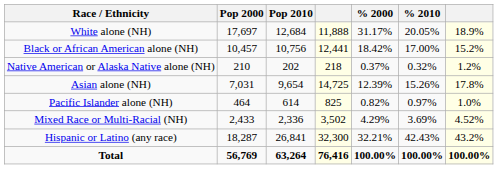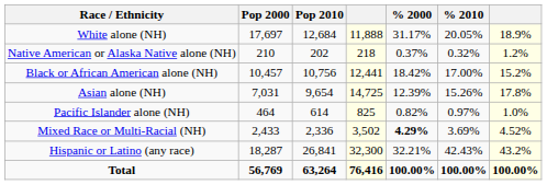 <table class="wikitable" style="text-align:center;">
 <tr>
 <th>Race / Ethnicity</th>
 <th>Pop 2000</th>
 <th>Pop 2010</th>
 <th></th>
 <th>% 2000</th>
 <th>% 2010</th>
 <th></th>
 </tr>
 <tr>
 <td><a href='#'>White</a> alone (NH)</td>
 <td>17,697</td>
 <td>12,684</td>
 <td style='background: #ffffe6;'>11,888</td>
 <td>31.17%</td>
 <td>20.05%</td>
 <td style='background: #ffffe6;'>18.9%</td>
 </tr>
 <tr>
+<td><a href='#'>Native American</a> or <a href='#'>Alaska Native</a> alone (NH)</td>
+<td>210</td>
+<td>202</td>
+<td style='background: #ffffe6;'>218</td>
+<td>0.37%</td>
+<td>0.32%</td>
+<td style='background: #ffffe6;'>1.2%</td>
+</tr>
+<tr>
 <td><a href='#'>Black or African American</a> alone (NH)</td>
 <td>10,457</td>
 <td>10,756</td>
 <td style='background: #ffffe6;'>12,441</td>
 <td>18.42%</td>
 <td>17.00%</td>
 <td style='background: #ffffe6;'>15.2%</td>
-</tr>
-<tr>
-<td><a href='#'>Native American</a> or <a href='#'>Alaska Native</a> alone (NH)</td>
-<td>210</td>
-<td>202</td>
-<td style='background: #ffffe6;'>218</td>
-<td>0.37%</td>
-<td>0.32%</td>
-<td style='background: #ffffe6;'>1.2%</td>
 </tr>
 <tr>
 <td><a href='#'>Asian</a> alone (NH)</td>
 <td>7,031</td>
 <td>9,654</td>
 <td style='background: #ffffe6;'>14,725</td>
 <td>12.39%</td>
 <td>15.26%</td>
 <td style='background: #ffffe6;'>17.8%</td>
 </tr>
 <tr>
 <td><a href='#'>Pacific Islander</a> alone (NH)</td>
 <td>464</td>
 <td>614</td>
 <td style='background: #ffffe6;'>825</td>
 <td>0.82%</td>
 <td>0.97%</td>
 <td style='background: #ffffe6;'>1.0%</td>
 </tr>
 <tr>
 <td><a href='#'>Mixed Race or Multi-Racial</a> (NH)</td>
 <td>2,433</td>
 <td>2,336</td>
 <td style='background: #ffffe6;'>3,502</td>
-<td>4.29%</td>
+<td><strong>4.29%</strong></td>
 <td>3.69%</td>
 <td style='background: #ffffe6;'>4.52%</td>
 </tr>
 <tr>
 <td><a href='#'>Hispanic or Latino</a> (any race)</td>
 <td>18,287</td>
 <td>26,841</td>
 <td style='background: #ffffe6;'>32,300</td>
 <td>32.21%</td>
 <td>42.43%</td>
 <td style='background: #ffffe6;'>43.2%</td>
 </tr>
 <tr>
 <td><strong>Total</strong></td>
 <td><strong>56,769</strong></td>
 <td><strong>63,264</strong></td>
 <td style='background: #ffffe6;'><strong>76,416</strong></td>
 <td><strong>100.00%</strong></td>
 <td><strong>100.00%</strong></td>
 <td style='background: #ffffe6;'><strong>100.00%</strong></td>
 </tr>
 </table>
